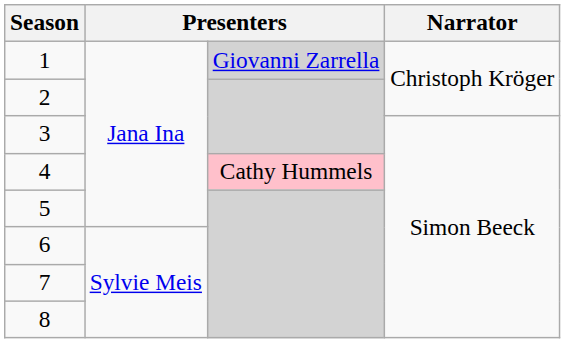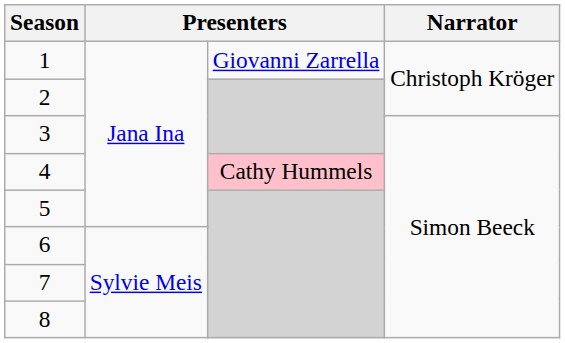 <table class="wikitable" style="text-align:center;">
 <tr>
 <th>Season</th>
 <th colspan="2">Presenters</th>
 <th>Narrator</th>
 </tr>
 <tr>
 <td>1</td>
 <td rowspan="5"><a href='#'>Jana Ina</a></td>
-<td style="background: lightgrey;"><a href='#'>Giovanni Zarrella</a></td>
+<td><a href='#'>Giovanni Zarrella</a></td>
 <td rowspan="2">Christoph Kröger</td>
 </tr>
 <tr>
 <td>2</td>
 <td rowspan="2" style="background:lightgrey"></td>
 </tr>
 <tr>
 <td>3</td>
 <td rowspan="6">Simon Beeck</td>
 </tr>
 <tr>
 <td>4</td>
 <td style="background: pink;">Cathy Hummels</td>
 </tr>
 <tr>
 <td>5</td>
 <td rowspan="4" style="background:lightgrey"></td>
 </tr>
 <tr>
 <td>6</td>
 <td rowspan="3"><a href='#'>Sylvie Meis</a></td>
 </tr>
 <tr>
 <td>7</td>
 </tr>
 <tr>
 <td>8</td>
 </tr>
 </table>
